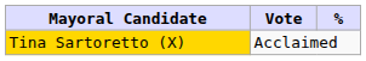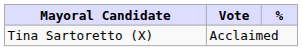 <table class="wikitable">
 <tr>
 <th style="background:#ddf; width:200px;">Mayoral Candidate </th>
 <th style="background:#ddf; width:50px;">Vote</th>
 <th style="background:#ddf; width:30px;">%</th>
 </tr>
 <tr>
-<td style="background: gold;">Tina Sartoretto (X)</td>
+<td>Tina Sartoretto (X)</td>
 <td colspan="2">Acclaimed</td>
 </tr>
 </table>
